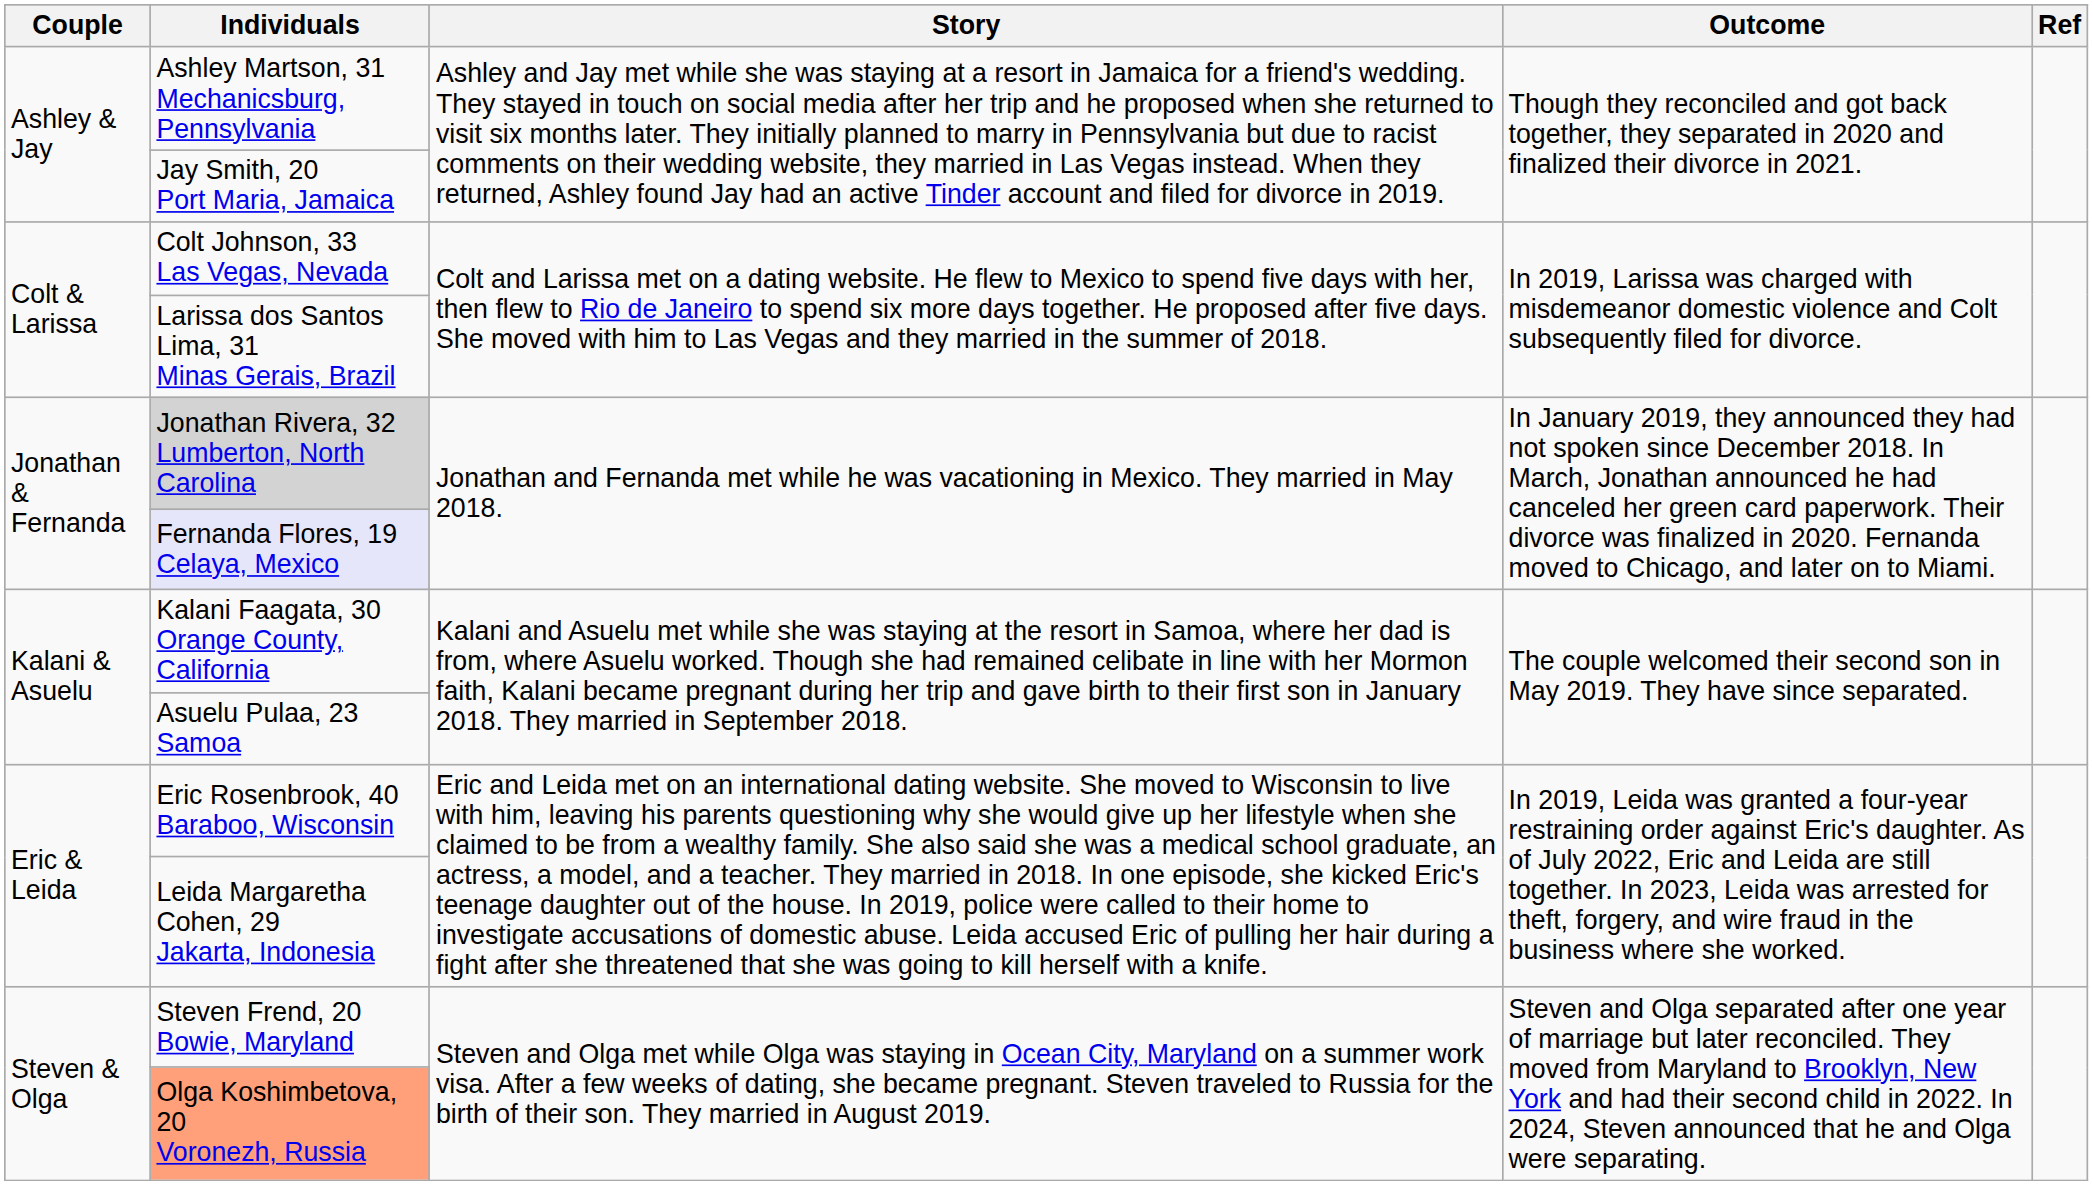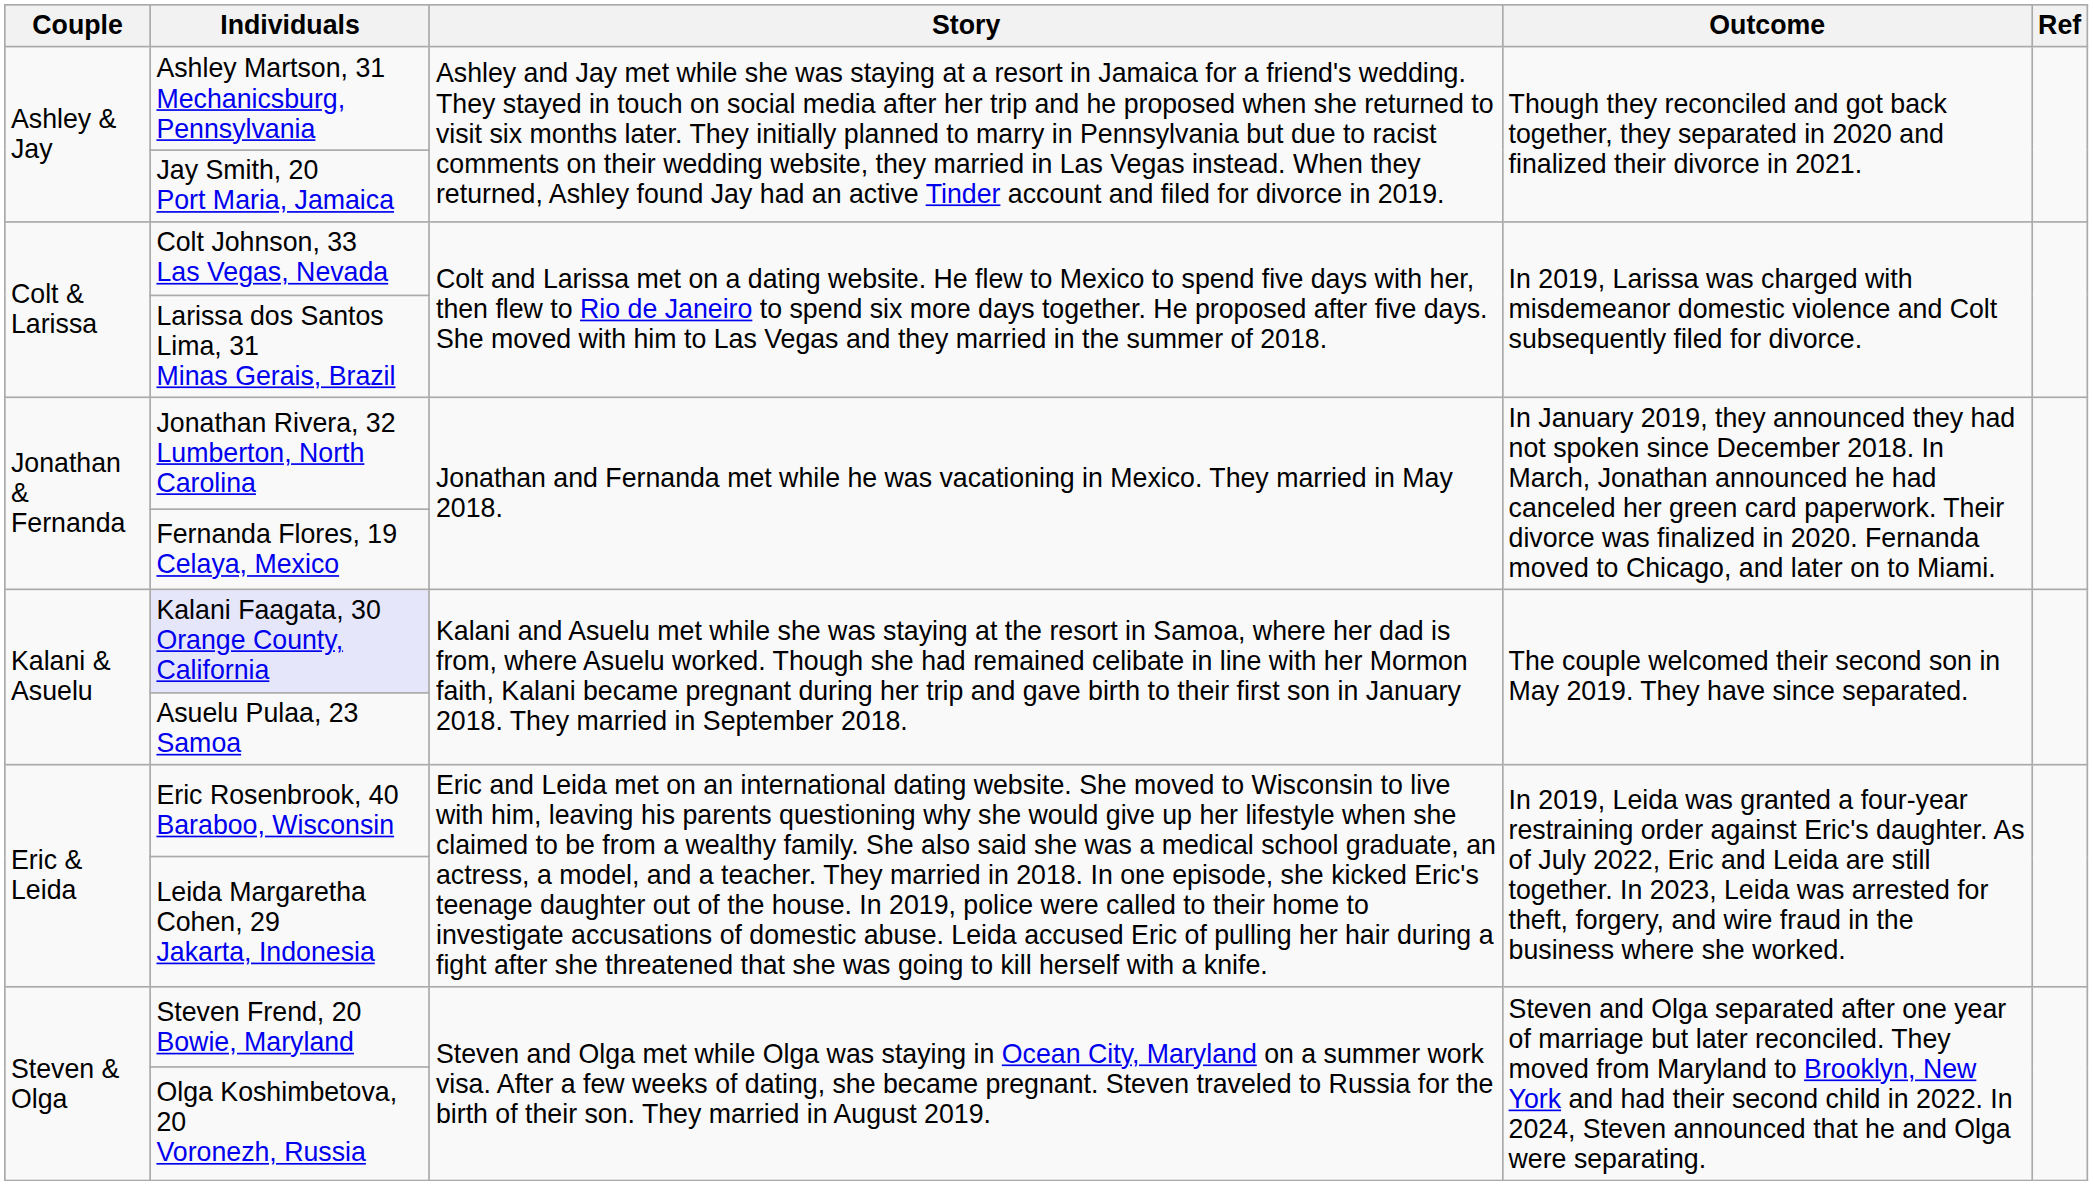 <table class="wikitable sortable">
 <tr>
 <th>Couple</th>
 <th style=width:10em>Individuals</th>
 <th>Story</th>
 <th>Outcome</th>
 <th style=width:1em>Ref</th>
 </tr>
 <tr>
 <td rowspan="2">Ashley & Jay</td>
 <td>Ashley Martson, 31<br><a href='#'>Mechanicsburg, Pennsylvania</a></td>
 <td rowspan="2">Ashley and Jay met while she was staying at a resort in Jamaica for a friend's wedding. They stayed in touch on social media after her trip and he proposed when she returned to visit six months later. They initially planned to marry in Pennsylvania but due to racist comments on their wedding website, they married in Las Vegas instead. When they returned, Ashley found Jay had an active <a href='#'>Tinder</a> account and filed for divorce in 2019.</td>
 <td rowspan="2">Though they reconciled and got back together, they separated in 2020 and finalized their divorce in 2021.</td>
 <td rowspan="2"></td>
 </tr>
 <tr>
 <td>Jay Smith, 20<br><a href='#'>Port Maria, Jamaica</a></td>
 </tr>
 <tr>
 <td rowspan="2">Colt & Larissa</td>
 <td>Colt Johnson, 33<br><a href='#'>Las Vegas, Nevada</a></td>
 <td rowspan="2">Colt and Larissa met on a dating website. He flew to Mexico to spend five days with her, then flew to <a href='#'>Rio de Janeiro</a> to spend six more days together. He proposed after five days. She moved with him to Las Vegas and they married in the summer of 2018.</td>
 <td rowspan="2">In 2019, Larissa was charged with misdemeanor domestic violence and Colt subsequently filed for divorce.</td>
 <td rowspan="2"></td>
 </tr>
 <tr>
 <td>Larissa dos Santos Lima, 31<br><a href='#'>Minas Gerais, Brazil</a></td>
 </tr>
 <tr>
 <td rowspan="2">Jonathan & Fernanda</td>
-<td style="background: lightgrey;">Jonathan Rivera, 32<br><a href='#'>Lumberton, North Carolina</a></td>
+<td>Jonathan Rivera, 32<br><a href='#'>Lumberton, North Carolina</a></td>
 <td rowspan="2">Jonathan and Fernanda met while he was vacationing in Mexico. They married in May 2018.</td>
 <td rowspan="2">In January 2019, they announced they had not spoken since December 2018. In March, Jonathan announced he had canceled her green card paperwork. Their divorce was finalized in 2020. Fernanda moved to Chicago, and later on to Miami.</td>
 <td rowspan="2"></td>
 </tr>
 <tr>
-<td style="background: lavender;">Fernanda Flores, 19<br><a href='#'>Celaya, Mexico</a></td>
+<td>Fernanda Flores, 19<br><a href='#'>Celaya, Mexico</a></td>
 </tr>
 <tr>
 <td rowspan="2">Kalani & Asuelu</td>
-<td>Kalani Faagata, 30<br><a href='#'>Orange County, California</a></td>
+<td style="background: lavender;">Kalani Faagata, 30<br><a href='#'>Orange County, California</a></td>
 <td rowspan="2">Kalani and Asuelu met while she was staying at the resort in Samoa, where her dad is from, where Asuelu worked. Though she had remained celibate in line with her Mormon faith, Kalani became pregnant during her trip and gave birth to their first son in January 2018. They married in September 2018.</td>
 <td rowspan="2">The couple welcomed their second son in May 2019. They have since separated.</td>
 <td rowspan="2"></td>
 </tr>
 <tr>
 <td>Asuelu Pulaa, 23<br><a href='#'>Samoa</a></td>
 </tr>
 <tr>
 <td rowspan="2">Eric & Leida</td>
 <td>Eric Rosenbrook, 40<br><a href='#'>Baraboo, Wisconsin</a></td>
 <td rowspan="2">Eric and Leida met on an international dating website. She moved to Wisconsin to live with him, leaving his parents questioning why she would give up her lifestyle when she claimed to be from a wealthy family. She also said she was a medical school graduate, an actress, a model, and a teacher. They married in 2018. In one episode, she kicked Eric's teenage daughter out of the house. In 2019, police were called to their home to investigate accusations of domestic abuse. Leida accused Eric of pulling her hair during a fight after she threatened that she was going to kill herself with a knife.</td>
 <td rowspan="2">In 2019, Leida was granted a four-year restraining order against Eric's daughter. As of July 2022, Eric and Leida are still together. In 2023, Leida was arrested for theft, forgery, and wire fraud in the business where she worked.</td>
 <td rowspan="2"></td>
 </tr>
 <tr>
 <td>Leida Margaretha Cohen, 29<br><a href='#'>Jakarta, Indonesia</a></td>
 </tr>
 <tr>
 <td rowspan="2">Steven & Olga</td>
 <td>Steven Frend, 20<br><a href='#'>Bowie, Maryland</a></td>
 <td rowspan="2">Steven and Olga met while Olga was staying in <a href='#'>Ocean City, Maryland</a> on a summer work visa. After a few weeks of dating, she became pregnant. Steven traveled to Russia for the birth of their son. They married in August 2019.</td>
 <td rowspan="2">Steven and Olga separated after one year of marriage but later reconciled. They moved from Maryland to <a href='#'>Brooklyn, New York</a> and had their second child in 2022. In 2024, Steven announced that he and Olga were separating.</td>
 <td rowspan="2"></td>
 </tr>
 <tr>
-<td style="background: lightsalmon;">Olga Koshimbetova, 20<br><a href='#'>Voronezh, Russia</a></td>
+<td>Olga Koshimbetova, 20<br><a href='#'>Voronezh, Russia</a></td>
 </tr>
 </table>
